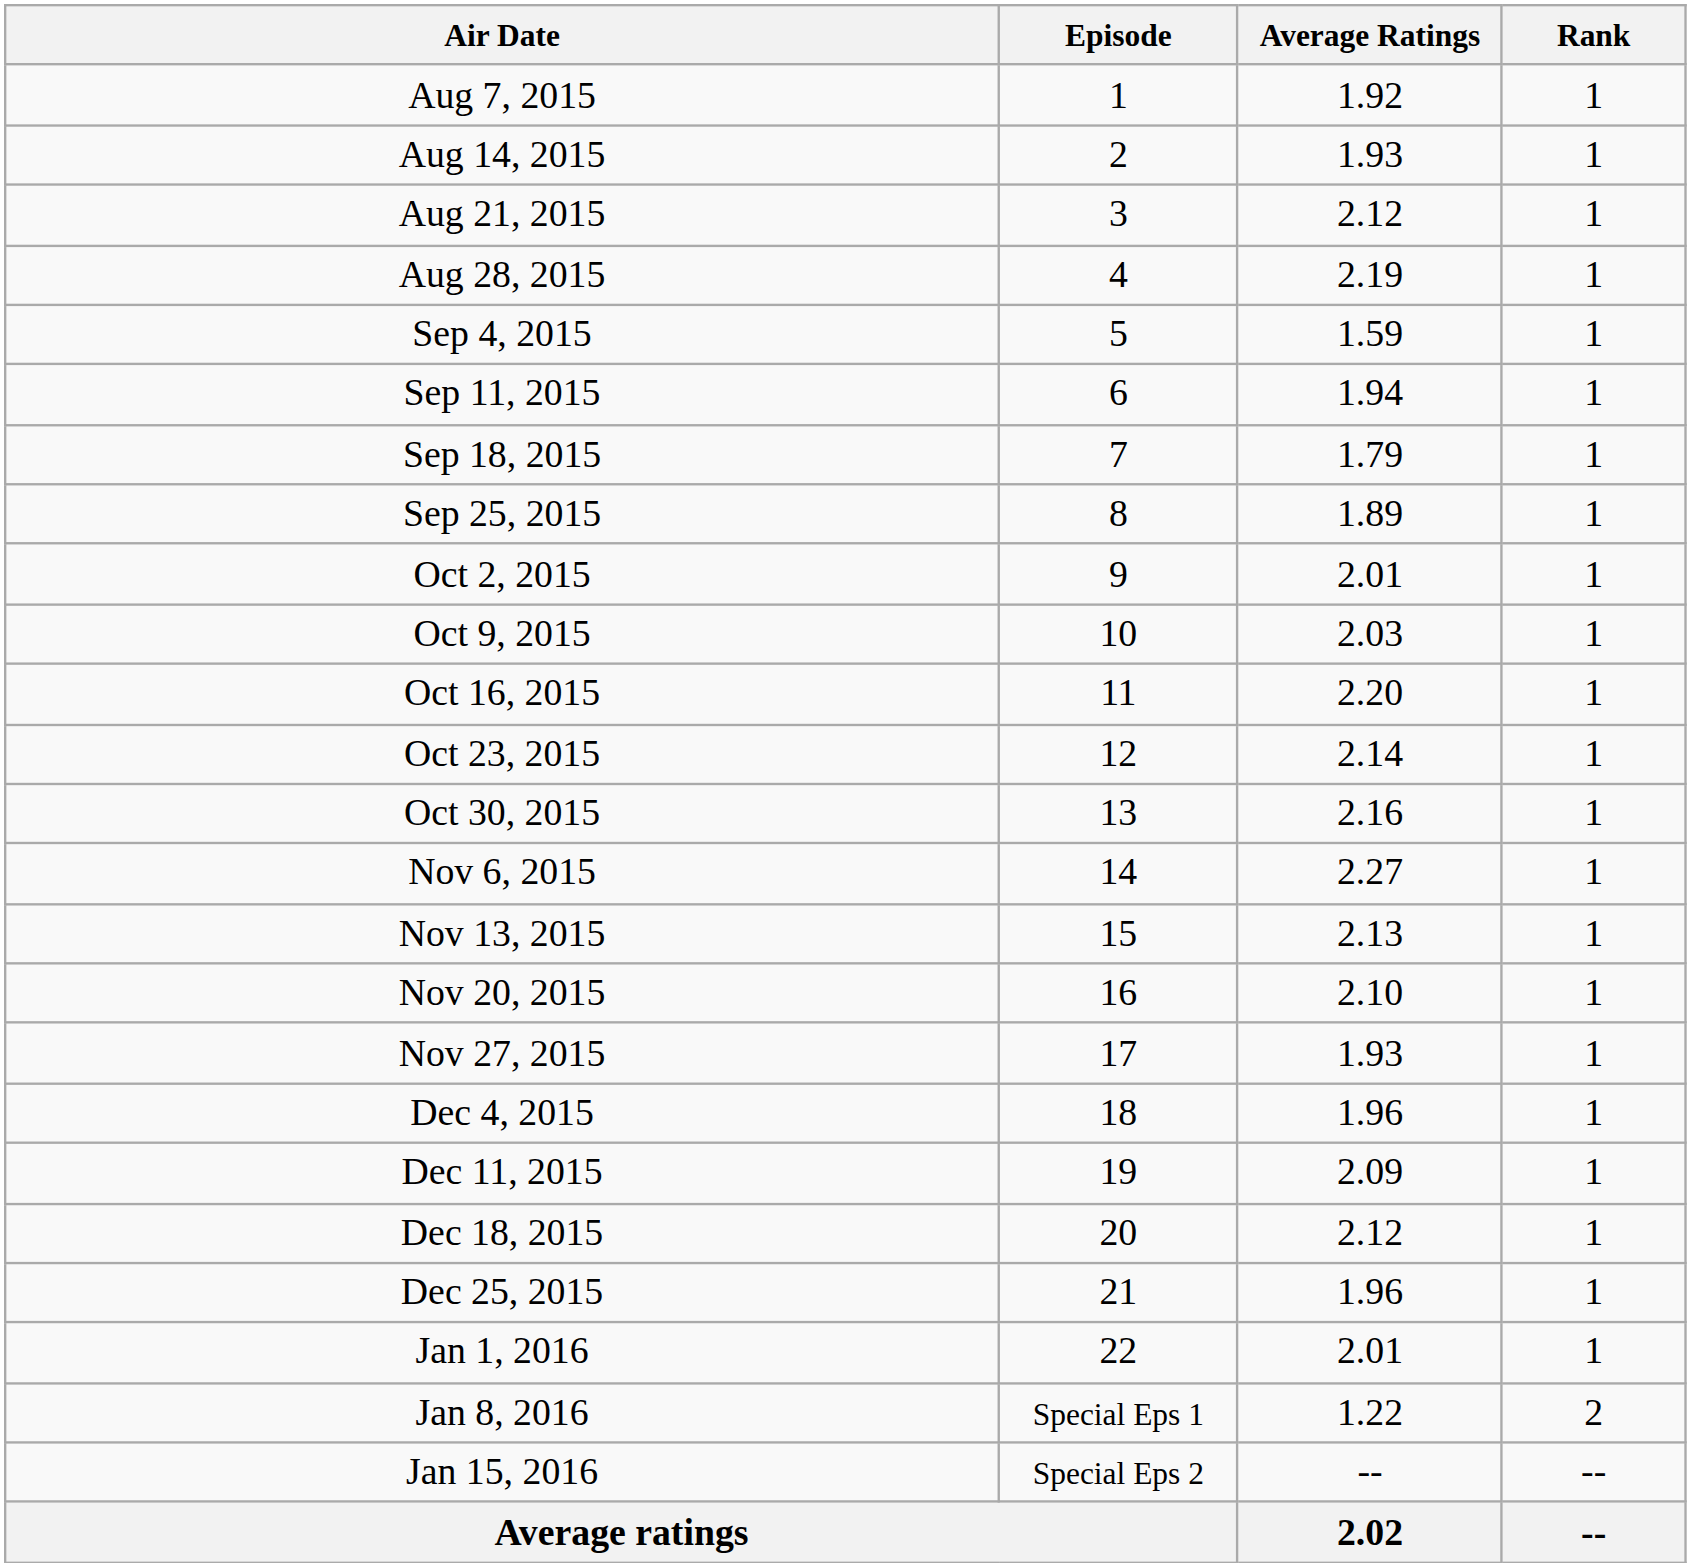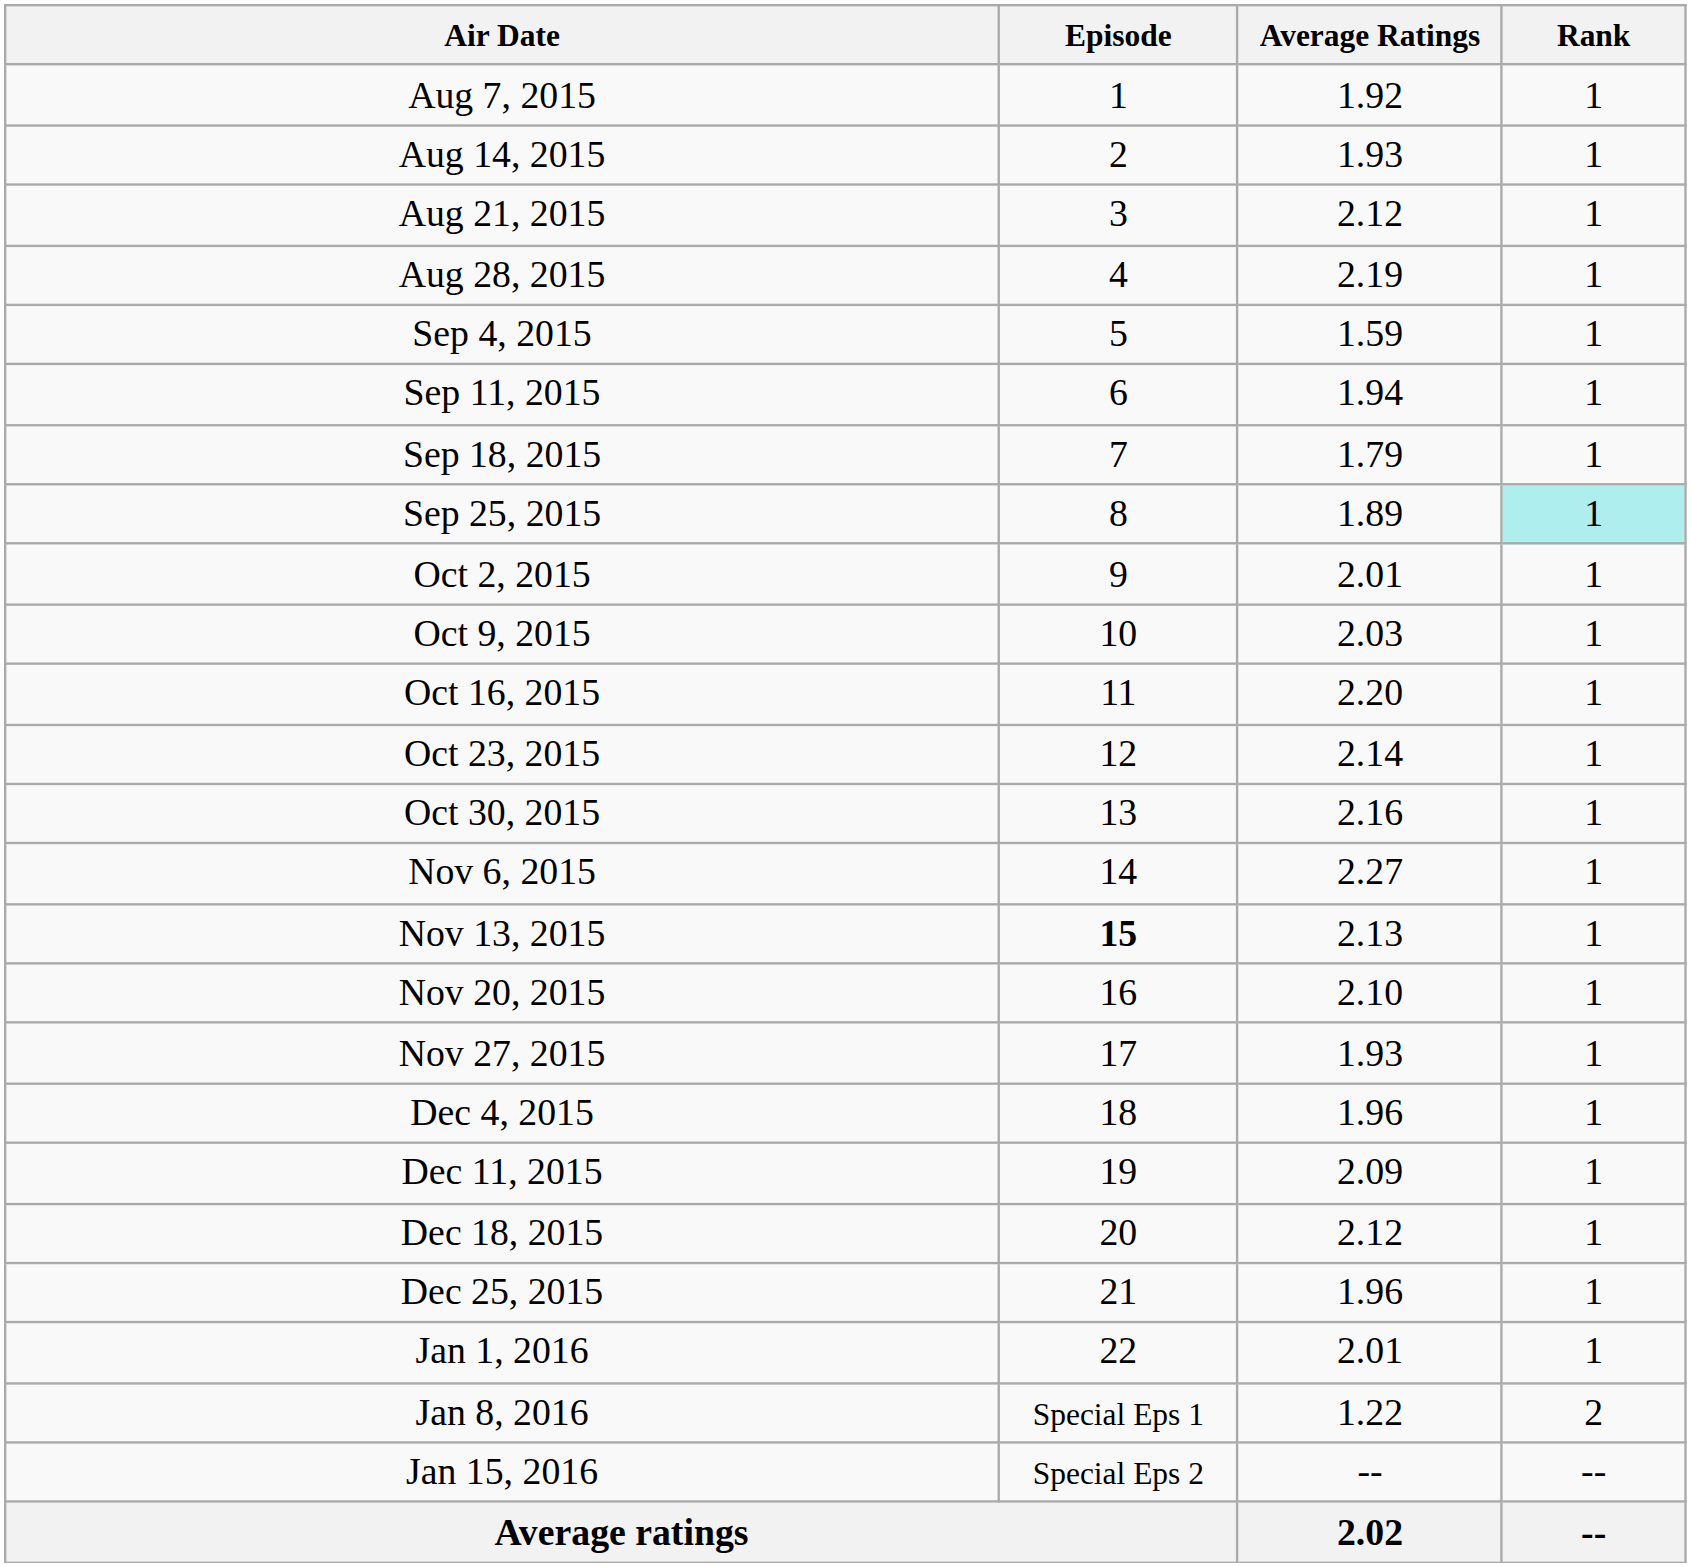 <table class="wikitable" style="text-align:center;width:45%;">
 <tr>
 <th width="25%"><small>Air Date</small></th>
 <th width="5%"><small>Episode</small></th>
 <th width="6%"><small>Average Ratings</small></th>
 <th width="4%"><small>Rank</small></th>
 </tr>
 <tr>
 <td>Aug 7, 2015</td>
 <td>1</td>
 <td>1.92</td>
 <td>1</td>
 </tr>
 <tr>
 <td>Aug 14, 2015</td>
 <td>2</td>
 <td>1.93</td>
 <td>1</td>
 </tr>
 <tr>
 <td>Aug 21, 2015</td>
 <td>3</td>
 <td>2.12</td>
 <td>1</td>
 </tr>
 <tr>
 <td>Aug 28, 2015</td>
 <td>4</td>
 <td>2.19</td>
 <td>1</td>
 </tr>
 <tr>
 <td>Sep 4, 2015</td>
 <td>5</td>
 <td>1.59</td>
 <td>1</td>
 </tr>
 <tr>
 <td>Sep 11, 2015</td>
 <td>6</td>
 <td>1.94</td>
 <td>1</td>
 </tr>
 <tr>
 <td>Sep 18, 2015</td>
 <td>7</td>
 <td>1.79</td>
 <td>1</td>
 </tr>
 <tr>
 <td>Sep 25, 2015</td>
 <td>8</td>
 <td>1.89</td>
-<td>1</td>
+<td style="background: paleturquoise;">1</td>
 </tr>
 <tr>
 <td>Oct 2, 2015</td>
 <td>9</td>
 <td>2.01</td>
 <td>1</td>
 </tr>
 <tr>
 <td>Oct 9, 2015</td>
 <td>10</td>
 <td>2.03</td>
 <td>1</td>
 </tr>
 <tr>
 <td>Oct 16, 2015</td>
 <td>11</td>
 <td>2.20</td>
 <td>1</td>
 </tr>
 <tr>
 <td>Oct 23, 2015</td>
 <td>12</td>
 <td>2.14</td>
 <td>1</td>
 </tr>
 <tr>
 <td>Oct 30, 2015</td>
 <td>13</td>
 <td>2.16</td>
 <td>1</td>
 </tr>
 <tr>
 <td>Nov 6, 2015</td>
 <td>14</td>
 <td>2.27</td>
 <td>1</td>
 </tr>
 <tr>
 <td>Nov 13, 2015</td>
-<td>15</td>
+<td><strong>15</strong></td>
 <td>2.13</td>
 <td>1</td>
 </tr>
 <tr>
 <td>Nov 20, 2015</td>
 <td>16</td>
 <td>2.10</td>
 <td>1</td>
 </tr>
 <tr>
 <td>Nov 27, 2015</td>
 <td>17</td>
 <td>1.93</td>
 <td>1</td>
 </tr>
 <tr>
 <td>Dec 4, 2015</td>
 <td>18</td>
 <td>1.96</td>
 <td>1</td>
 </tr>
 <tr>
 <td>Dec 11, 2015</td>
 <td>19</td>
 <td>2.09</td>
 <td>1</td>
 </tr>
 <tr>
 <td>Dec 18, 2015</td>
 <td>20</td>
 <td>2.12</td>
 <td>1</td>
 </tr>
 <tr>
 <td>Dec 25, 2015</td>
 <td>21</td>
 <td>1.96</td>
 <td>1</td>
 </tr>
 <tr>
 <td>Jan 1, 2016</td>
 <td>22</td>
 <td>2.01</td>
 <td>1</td>
 </tr>
 <tr>
 <td>Jan 8, 2016</td>
 <td><small>Special Eps 1</small></td>
 <td>1.22</td>
 <td>2</td>
 </tr>
 <tr>
 <td>Jan 15, 2016</td>
 <td><small>Special Eps 2</small></td>
 <td>--</td>
 <td>--</td>
 </tr>
 <tr>
 <th colspan="2"><strong>Average ratings</strong></th>
 <th><strong>2.02</strong></th>
 <th>--</th>
 </tr>
 </table>
